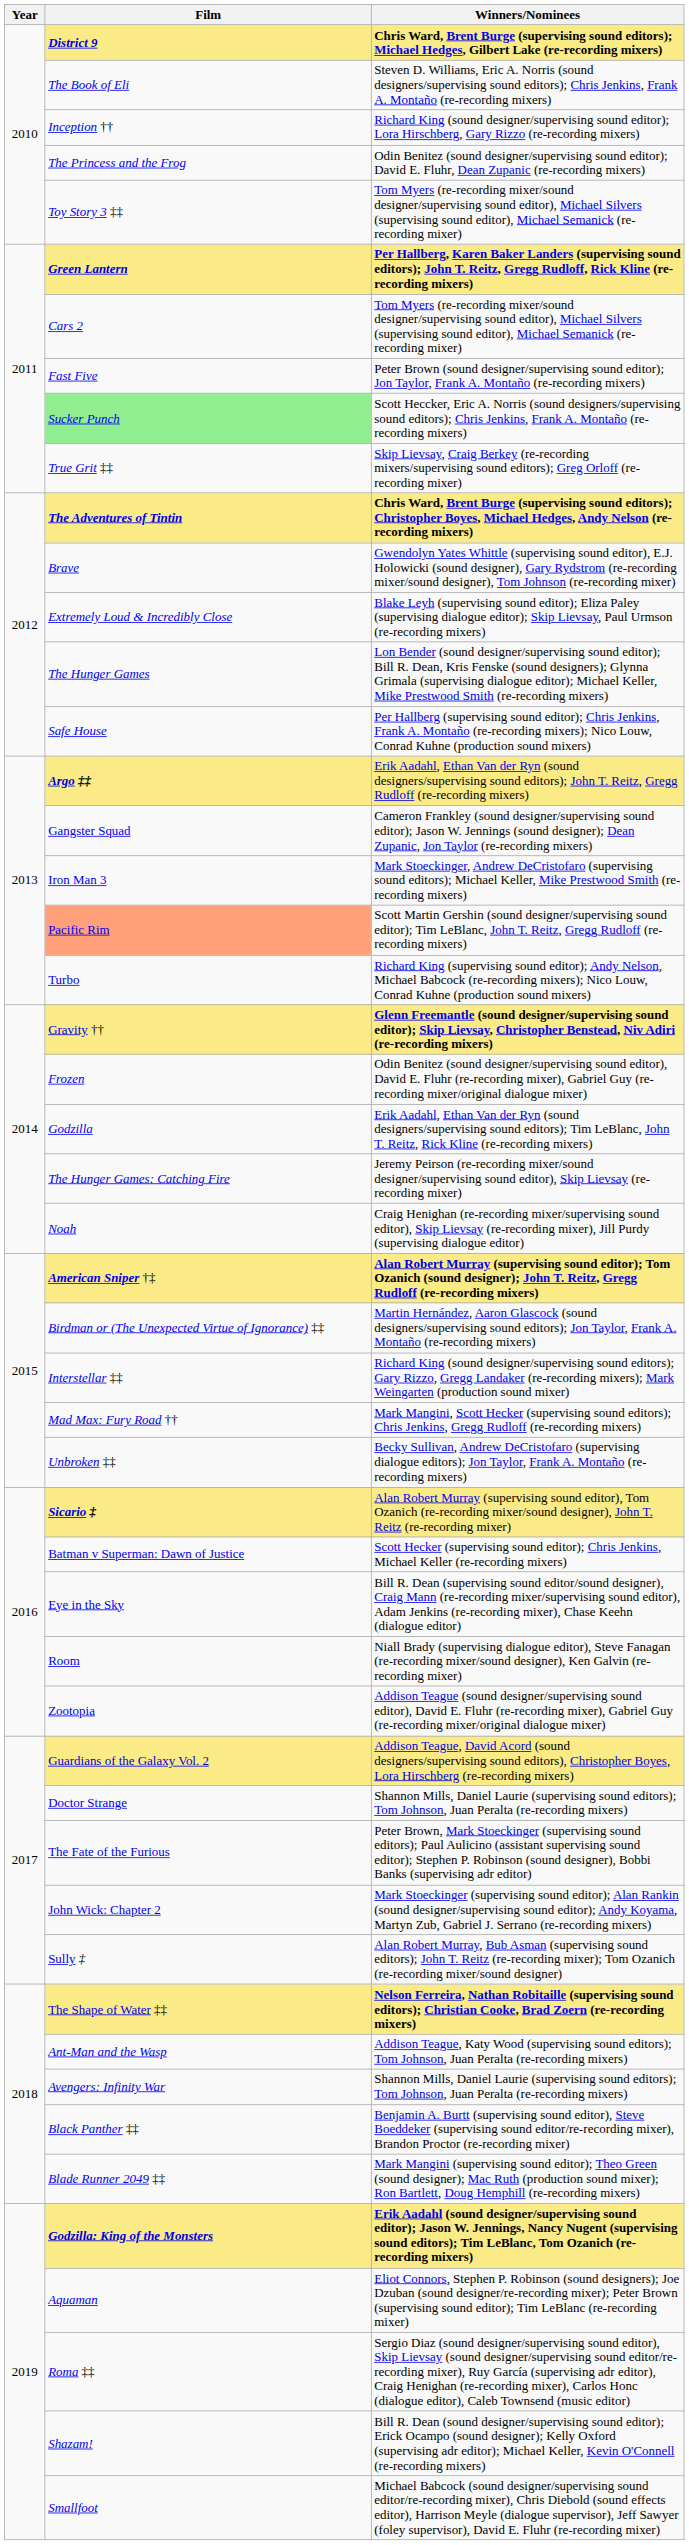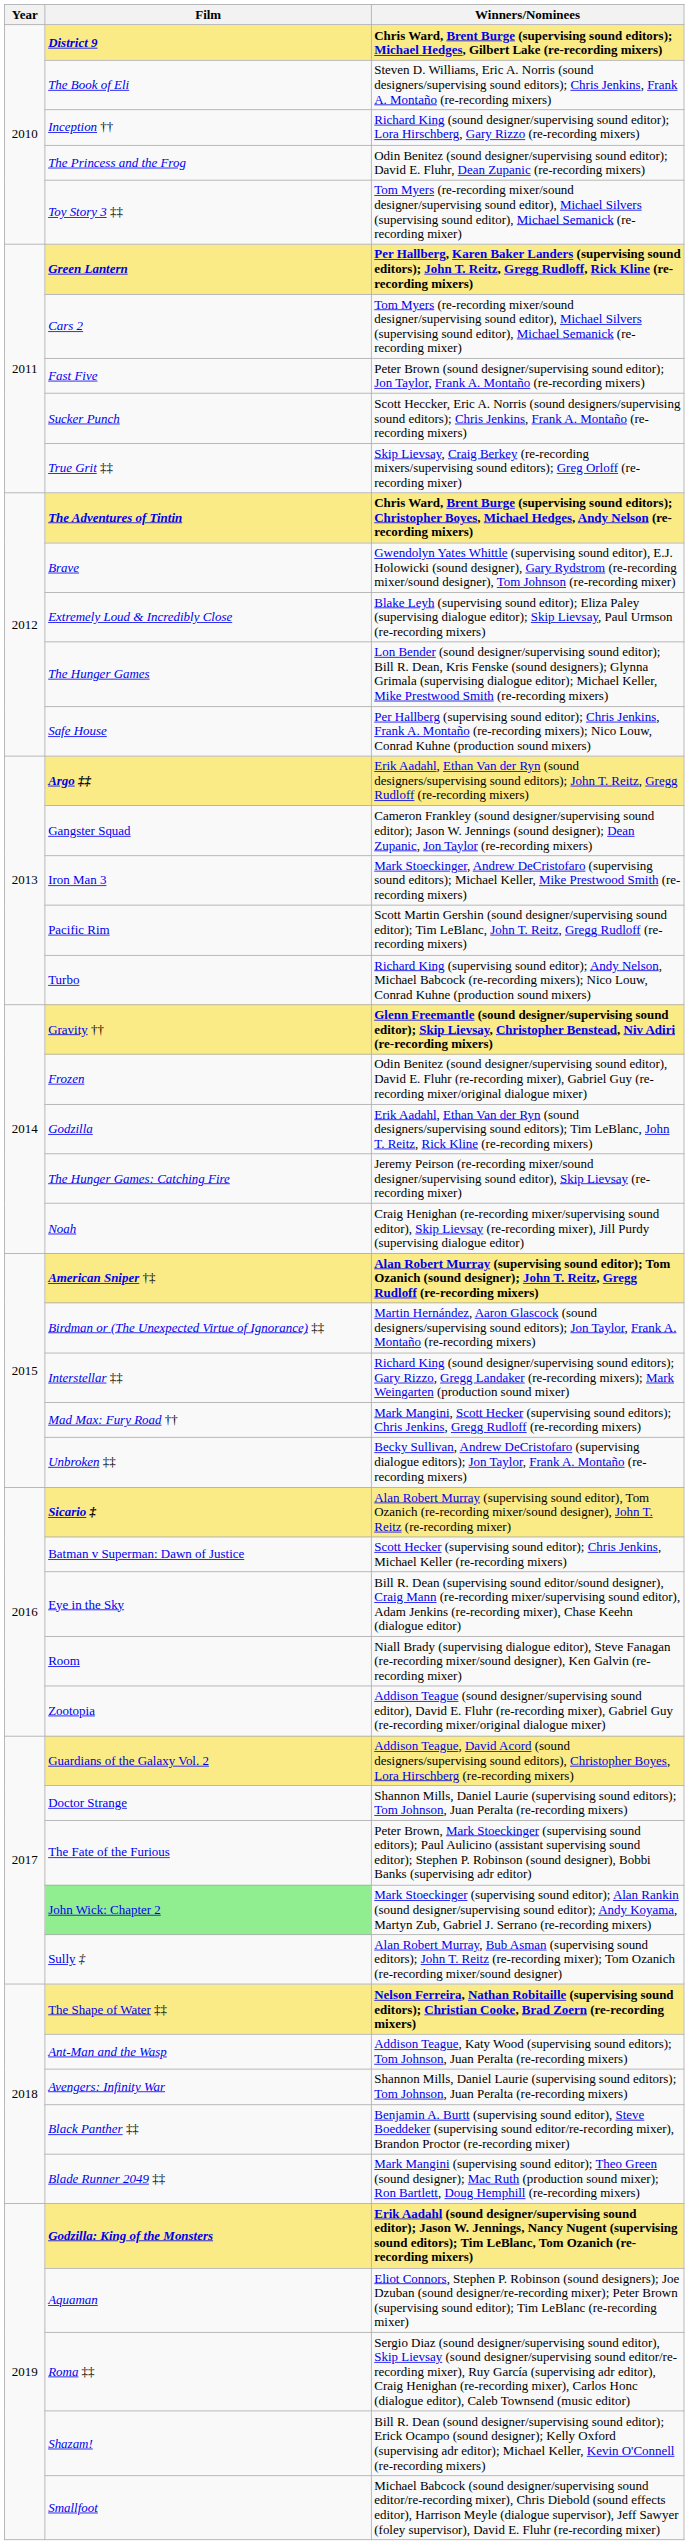 <table class="wikitable" width="95%" cellpadding="5">
 <tr>
 <th width="6%">Year</th>
 <th width="48%">Film</th>
 <th width="48%">Winners/Nominees</th>
 </tr>
 <tr>
 <td rowspan=5 style="text-align:center">2010<br></td>
 <td style="background:#FAEB86;"><strong><em><a href='#'>District 9</a></em></strong></td>
 <td style="background:#FAEB86;"><strong>Chris Ward, <a href='#'>Brent Burge</a> (supervising sound editors); <a href='#'>Michael Hedges</a>, Gilbert Lake (re-recording mixers)</strong></td>
 </tr>
 <tr>
 <td><em><a href='#'>The Book of Eli</a></em></td>
 <td>Steven D. Williams, Eric A. Norris (sound designers/supervising sound editors); <a href='#'>Chris Jenkins</a>, <a href='#'>Frank A. Montaño</a> (re-recording mixers)</td>
 </tr>
 <tr>
 <td><em><a href='#'>Inception</a></em> ††</td>
 <td><a href='#'>Richard King</a> (sound designer/supervising sound editor); <a href='#'>Lora Hirschberg</a>, <a href='#'>Gary Rizzo</a> (re-recording mixers)</td>
 </tr>
 <tr>
 <td><em><a href='#'>The Princess and the Frog</a></em></td>
 <td>Odin Benitez (sound designer/supervising sound editor); David E. Fluhr, <a href='#'>Dean Zupanic</a> (re-recording mixers)</td>
 </tr>
 <tr>
 <td><em><a href='#'>Toy Story 3</a></em> ‡‡</td>
 <td><a href='#'>Tom Myers</a> (re-recording mixer/sound designer/supervising sound editor), <a href='#'>Michael Silvers</a> (supervising sound editor), <a href='#'>Michael Semanick</a> (re-recording mixer)</td>
 </tr>
 <tr>
 <td rowspan=5 style="text-align:center">2011<br></td>
 <td style="background:#FAEB86;"><strong><em><a href='#'>Green Lantern</a></em></strong></td>
 <td style="background:#FAEB86;"><strong><a href='#'>Per Hallberg</a>, <a href='#'>Karen Baker Landers</a> (supervising sound editors); <a href='#'>John T. Reitz</a>, <a href='#'>Gregg Rudloff</a>, <a href='#'>Rick Kline</a> (re-recording mixers)</strong></td>
 </tr>
 <tr>
 <td><em><a href='#'>Cars 2</a></em></td>
 <td><a href='#'>Tom Myers</a> (re-recording mixer/sound designer/supervising sound editor), <a href='#'>Michael Silvers</a> (supervising sound editor), <a href='#'>Michael Semanick</a> (re-recording mixer)</td>
 </tr>
 <tr>
 <td><em><a href='#'>Fast Five</a></em></td>
 <td>Peter Brown (sound designer/supervising sound editor); <a href='#'>Jon Taylor</a>, <a href='#'>Frank A. Montaño</a> (re-recording mixers)</td>
 </tr>
 <tr>
-<td style="background: lightgreen;"><em><a href='#'>Sucker Punch</a></em></td>
+<td><em><a href='#'>Sucker Punch</a></em></td>
 <td>Scott Heccker, Eric A. Norris (sound designers/supervising sound editors); <a href='#'>Chris Jenkins</a>, <a href='#'>Frank A. Montaño</a> (re-recording mixers)</td>
 </tr>
 <tr>
 <td><em><a href='#'>True Grit</a></em> ‡‡</td>
 <td><a href='#'>Skip Lievsay</a>, <a href='#'>Craig Berkey</a> (re-recording mixers/supervising sound editors); <a href='#'>Greg Orloff</a> (re-recording mixer)</td>
 </tr>
 <tr>
 <td rowspan=5 style="text-align:center">2012<br></td>
 <td style="background:#FAEB86;"><strong><em><a href='#'>The Adventures of Tintin</a></em></strong></td>
 <td style="background:#FAEB86;"><strong>Chris Ward, <a href='#'>Brent Burge</a> (supervising sound editors); <a href='#'>Christopher Boyes</a>, <a href='#'>Michael Hedges</a>, <a href='#'>Andy Nelson</a> (re-recording mixers)</strong></td>
 </tr>
 <tr>
 <td><em><a href='#'>Brave</a></em></td>
 <td><a href='#'>Gwendolyn Yates Whittle</a> (supervising sound editor), E.J. Holowicki (sound designer), <a href='#'>Gary Rydstrom</a> (re-recording mixer/sound designer), <a href='#'>Tom Johnson</a> (re-recording mixer)</td>
 </tr>
 <tr>
 <td><em><a href='#'>Extremely Loud & Incredibly Close</a></em></td>
 <td><a href='#'>Blake Leyh</a> (supervising sound editor); Eliza Paley (supervising dialogue editor); <a href='#'>Skip Lievsay</a>, Paul Urmson (re-recording mixers)</td>
 </tr>
 <tr>
 <td><em><a href='#'>The Hunger Games</a></em></td>
 <td><a href='#'>Lon Bender</a> (sound designer/supervising sound editor); Bill R. Dean, Kris Fenske (sound designers); Glynna Grimala (supervising dialogue editor); Michael Keller, <a href='#'>Mike Prestwood Smith</a> (re-recording mixers)</td>
 </tr>
 <tr>
 <td><em><a href='#'>Safe House</a></em></td>
 <td><a href='#'>Per Hallberg</a> (supervising sound editor); <a href='#'>Chris Jenkins</a>, <a href='#'>Frank A. Montaño</a> (re-recording mixers); Nico Louw, Conrad Kuhne (production sound mixers)</td>
 </tr>
 <tr>
 <td rowspan=5 style="text-align:center">2013<br></td>
 <td style="background:#FAEB86;"><strong><em><a href='#'>Argo</a><em> ‡‡<strong></td>
 <td style="background:#FAEB86;"></strong><a href='#'>Erik Aadahl</a>, <a href='#'>Ethan Van der Ryn</a> (sound designers/supervising sound editors); <a href='#'>John T. Reitz</a>, <a href='#'>Gregg Rudloff</a> (re-recording mixers)<strong></td>
 </tr>
 <tr>
 <td></em><a href='#'>Gangster Squad</a><em></td>
 <td>Cameron Frankley (sound designer/supervising sound editor); Jason W. Jennings (sound designer); <a href='#'>Dean Zupanic</a>, <a href='#'>Jon Taylor</a> (re-recording mixers)</td>
 </tr>
 <tr>
 <td></em><a href='#'>Iron Man 3</a><em></td>
 <td><a href='#'>Mark Stoeckinger</a>, <a href='#'>Andrew DeCristofaro</a> (supervising sound editors); Michael Keller, <a href='#'>Mike Prestwood Smith</a> (re-recording mixers)</td>
 </tr>
 <tr>
-<td style="background: lightsalmon;"></em><a href='#'>Pacific Rim</a><em></td>
+<td></em><a href='#'>Pacific Rim</a><em></td>
 <td>Scott Martin Gershin (sound designer/supervising sound editor); Tim LeBlanc, <a href='#'>John T. Reitz</a>, <a href='#'>Gregg Rudloff</a> (re-recording mixers)</td>
 </tr>
 <tr>
 <td></em><a href='#'>Turbo</a><em></td>
 <td><a href='#'>Richard King</a> (supervising sound editor); <a href='#'>Andy Nelson</a>, Michael Babcock (re-recording mixers); Nico Louw, Conrad Kuhne (production sound mixers)</td>
 </tr>
 <tr>
 <td rowspan=5 style="text-align:center">2014<br></td>
 <td style="background:#FAEB86;"></em></strong><a href='#'>Gravity</a></em> ††</strong></td>
 <td style="background:#FAEB86;"><strong><a href='#'>Glenn Freemantle</a> (sound designer/supervising sound editor); <a href='#'>Skip Lievsay</a>, <a href='#'>Christopher Benstead</a>, <a href='#'>Niv Adiri</a> (re-recording mixers)</strong></td>
 </tr>
 <tr>
 <td><em><a href='#'>Frozen</a></em></td>
 <td>Odin Benitez (sound designer/supervising sound editor), David E. Fluhr (re-recording mixer), Gabriel Guy (re-recording mixer/original dialogue mixer)</td>
 </tr>
 <tr>
 <td><em><a href='#'>Godzilla</a></em></td>
 <td><a href='#'>Erik Aadahl</a>, <a href='#'>Ethan Van der Ryn</a> (sound designers/supervising sound editors); Tim LeBlanc, <a href='#'>John T. Reitz</a>, <a href='#'>Rick Kline</a> (re-recording mixers)</td>
 </tr>
 <tr>
 <td><em><a href='#'>The Hunger Games: Catching Fire</a></em></td>
 <td>Jeremy Peirson (re-recording mixer/sound designer/supervising sound editor), <a href='#'>Skip Lievsay</a> (re-recording mixer)</td>
 </tr>
 <tr>
 <td><em><a href='#'>Noah</a></em></td>
 <td>Craig Henighan (re-recording mixer/supervising sound editor), <a href='#'>Skip Lievsay</a> (re-recording mixer), Jill Purdy (supervising dialogue editor)</td>
 </tr>
 <tr>
 <td rowspan=5 style="text-align:center">2015<br></td>
 <td style="background:#FAEB86;"><strong><em><a href='#'>American Sniper</a></em></strong> †‡</td>
 <td style="background:#FAEB86;"><strong><a href='#'>Alan Robert Murray</a> (supervising sound editor); Tom Ozanich (sound designer); <a href='#'>John T. Reitz</a>, <a href='#'>Gregg Rudloff</a> (re-recording mixers)</strong></td>
 </tr>
 <tr>
 <td><em><a href='#'>Birdman or (The Unexpected Virtue of Ignorance)</a></em> ‡‡</td>
 <td><a href='#'>Martin Hernández</a>, <a href='#'>Aaron Glascock</a> (sound designers/supervising sound editors); <a href='#'>Jon Taylor</a>, <a href='#'>Frank A. Montaño</a> (re-recording mixers)</td>
 </tr>
 <tr>
 <td><em><a href='#'>Interstellar</a></em> ‡‡</td>
 <td><a href='#'>Richard King</a> (sound designer/supervising sound editors); <a href='#'>Gary Rizzo</a>, <a href='#'>Gregg Landaker</a> (re-recording mixers); <a href='#'>Mark Weingarten</a> (production sound mixer)</td>
 </tr>
 <tr>
 <td><em><a href='#'>Mad Max: Fury Road</a></em> ††</td>
 <td><a href='#'>Mark Mangini</a>, <a href='#'>Scott Hecker</a> (supervising sound editors); <a href='#'>Chris Jenkins</a>, <a href='#'>Gregg Rudloff</a> (re-recording mixers)</td>
 </tr>
 <tr>
 <td><em><a href='#'>Unbroken</a></em> ‡‡</td>
 <td><a href='#'>Becky Sullivan</a>, <a href='#'>Andrew DeCristofaro</a> (supervising dialogue editors); <a href='#'>Jon Taylor</a>, <a href='#'>Frank A. Montaño</a> (re-recording mixers)</td>
 </tr>
 <tr>
 <td rowspan=5 style="text-align:center">2016<br></td>
 <td style="background:#FAEB86;"><strong><em><a href='#'>Sicario</a><em> ‡<strong></td>
 <td style="background:#FAEB86;"></strong><a href='#'>Alan Robert Murray</a> (supervising sound editor), Tom Ozanich (re-recording mixer/sound designer), <a href='#'>John T. Reitz</a> (re-recording mixer)<strong></td>
 </tr>
 <tr>
 <td></em><a href='#'>Batman v Superman: Dawn of Justice</a><em></td>
 <td><a href='#'>Scott Hecker</a> (supervising sound editor); <a href='#'>Chris Jenkins</a>, Michael Keller (re-recording mixers)</td>
 </tr>
 <tr>
 <td></em><a href='#'>Eye in the Sky</a><em></td>
 <td>Bill R. Dean (supervising sound editor/sound designer), <a href='#'>Craig Mann</a> (re-recording mixer/supervising sound editor), Adam Jenkins (re-recording mixer), Chase Keehn (dialogue editor)</td>
 </tr>
 <tr>
 <td></em><a href='#'>Room</a><em></td>
 <td>Niall Brady (supervising dialogue editor), Steve Fanagan (re-recording mixer/sound designer), Ken Galvin (re-recording mixer)</td>
 </tr>
 <tr>
 <td></em><a href='#'>Zootopia</a><em></td>
 <td><a href='#'>Addison Teague</a> (sound designer/supervising sound editor), David E. Fluhr (re-recording mixer), Gabriel Guy (re-recording mixer/original dialogue mixer)</td>
 </tr>
 <tr>
 <td rowspan=5 style="text-align:center">2017<br></td>
 <td style="background:#FAEB86;"></em></strong><a href='#'>Guardians of the Galaxy Vol. 2</a><strong><em></td>
 <td style="background:#FAEB86;"></strong><a href='#'>Addison Teague</a>, <a href='#'>David Acord</a> (sound designers/supervising sound editors), <a href='#'>Christopher Boyes</a>, <a href='#'>Lora Hirschberg</a> (re-recording mixers)<strong></td>
 </tr>
 <tr>
 <td></em><a href='#'>Doctor Strange</a><em></td>
 <td>Shannon Mills, Daniel Laurie (supervising sound editors); <a href='#'>Tom Johnson</a>, Juan Peralta (re-recording mixers)</td>
 </tr>
 <tr>
 <td></em><a href='#'>The Fate of the Furious</a><em></td>
 <td>Peter Brown, <a href='#'>Mark Stoeckinger</a> (supervising sound editors); Paul Aulicino (assistant supervising sound editor); Stephen P. Robinson (sound designer), Bobbi Banks (supervising adr editor)</td>
 </tr>
 <tr>
-<td></em><a href='#'>John Wick: Chapter 2</a><em></td>
+<td style="background: lightgreen;"></em><a href='#'>John Wick: Chapter 2</a><em></td>
 <td><a href='#'>Mark Stoeckinger</a> (supervising sound editor); <a href='#'>Alan Rankin</a> (sound designer/supervising sound editor); <a href='#'>Andy Koyama</a>, Martyn Zub, Gabriel J. Serrano (re-recording mixers)</td>
 </tr>
 <tr>
 <td></em><a href='#'>Sully</a><em> ‡</td>
 <td><a href='#'>Alan Robert Murray</a>, <a href='#'>Bub Asman</a> (supervising sound editors); <a href='#'>John T. Reitz</a> (re-recording mixer); Tom Ozanich (re-recording mixer/sound designer)</td>
 </tr>
 <tr>
 <td rowspan=5 style="text-align:center">2018<br></td>
 <td style="background:#FAEB86;"></em></strong><a href='#'>The Shape of Water</a></em> ‡‡</strong></td>
 <td style="background:#FAEB86;"><strong><a href='#'>Nelson Ferreira</a>, <a href='#'>Nathan Robitaille</a> (supervising sound editors); <a href='#'>Christian Cooke</a>, <a href='#'>Brad Zoern</a> (re-recording mixers)</strong></td>
 </tr>
 <tr>
 <td><em><a href='#'>Ant-Man and the Wasp</a></em></td>
 <td><a href='#'>Addison Teague</a>, Katy Wood (supervising sound editors); <a href='#'>Tom Johnson</a>, Juan Peralta (re-recording mixers)</td>
 </tr>
 <tr>
 <td><em><a href='#'>Avengers: Infinity War</a></em></td>
 <td>Shannon Mills, Daniel Laurie (supervising sound editors); <a href='#'>Tom Johnson</a>, Juan Peralta (re-recording mixers)</td>
 </tr>
 <tr>
 <td><em><a href='#'>Black Panther</a></em> ‡‡</td>
 <td><a href='#'>Benjamin A. Burtt</a> (supervising sound editor), <a href='#'>Steve Boeddeker</a> (supervising sound editor/re-recording mixer), Brandon Proctor (re-recording mixer)</td>
 </tr>
 <tr>
 <td><em><a href='#'>Blade Runner 2049</a></em> ‡‡</td>
 <td><a href='#'>Mark Mangini</a> (supervising sound editor); <a href='#'>Theo Green</a> (sound designer); <a href='#'>Mac Ruth</a> (production sound mixer); <a href='#'>Ron Bartlett</a>, <a href='#'>Doug Hemphill</a> (re-recording mixers)</td>
 </tr>
 <tr>
 <td rowspan=5 style="text-align:center">2019<br></td>
 <td style="background:#FAEB86;"><strong><em><a href='#'>Godzilla: King of the Monsters</a></em></strong></td>
 <td style="background:#FAEB86;"><strong><a href='#'>Erik Aadahl</a> (sound designer/supervising sound editor); Jason W. Jennings, Nancy Nugent (supervising sound editors); Tim LeBlanc, Tom Ozanich (re-recording mixers)</strong></td>
 </tr>
 <tr>
 <td><em><a href='#'>Aquaman</a></em></td>
 <td><a href='#'>Eliot Connors</a>, Stephen P. Robinson (sound designers); Joe Dzuban (sound designer/re-recording mixer); Peter Brown (supervising sound editor); Tim LeBlanc (re-recording mixer)</td>
 </tr>
 <tr>
 <td><em><a href='#'>Roma</a></em> ‡‡</td>
 <td>Sergio Diaz (sound designer/supervising sound editor), <a href='#'>Skip Lievsay</a> (sound designer/supervising sound editor/re-recording mixer), Ruy García (supervising adr editor), Craig Henighan (re-recording mixer), Carlos Honc (dialogue editor), Caleb Townsend (music editor)</td>
 </tr>
 <tr>
 <td><em><a href='#'>Shazam!</a></em></td>
 <td>Bill R. Dean (sound designer/supervising sound editor); Erick Ocampo (sound designer); Kelly Oxford (supervising adr editor); Michael Keller, <a href='#'>Kevin O'Connell</a> (re-recording mixers)</td>
 </tr>
 <tr>
 <td><em><a href='#'>Smallfoot</a></em></td>
 <td>Michael Babcock (sound designer/supervising sound editor/re-recording mixer), Chris Diebold (sound effects editor), Harrison Meyle (dialogue supervisor), Jeff Sawyer (foley supervisor), David E. Fluhr (re-recording mixer)</td>
 </tr>
 </table>
